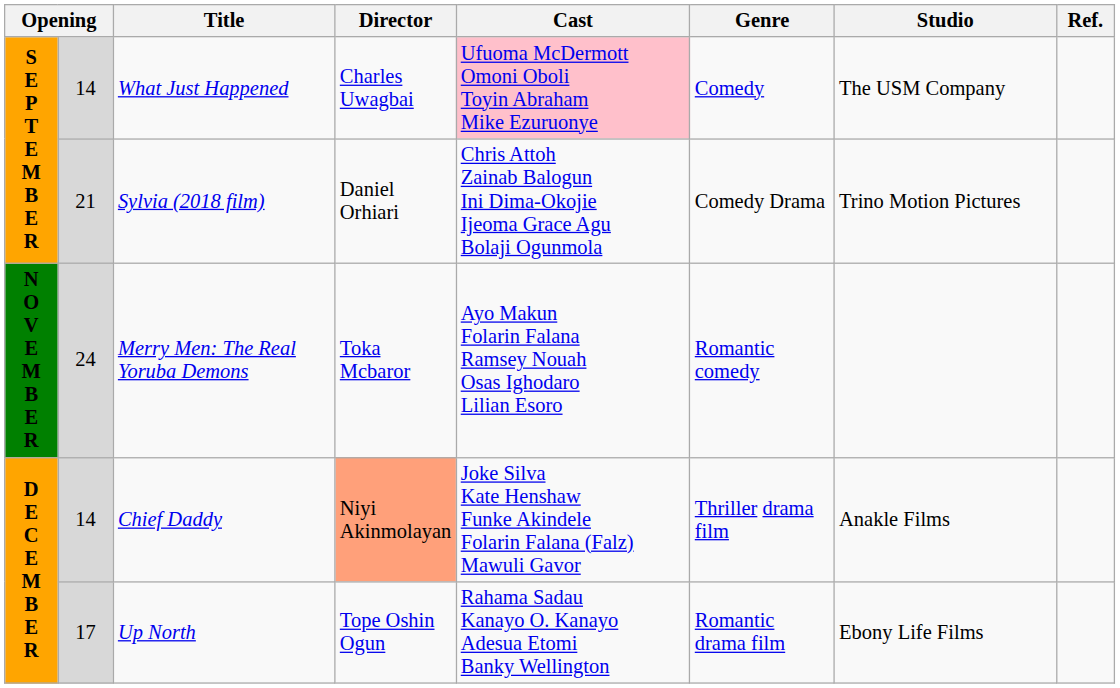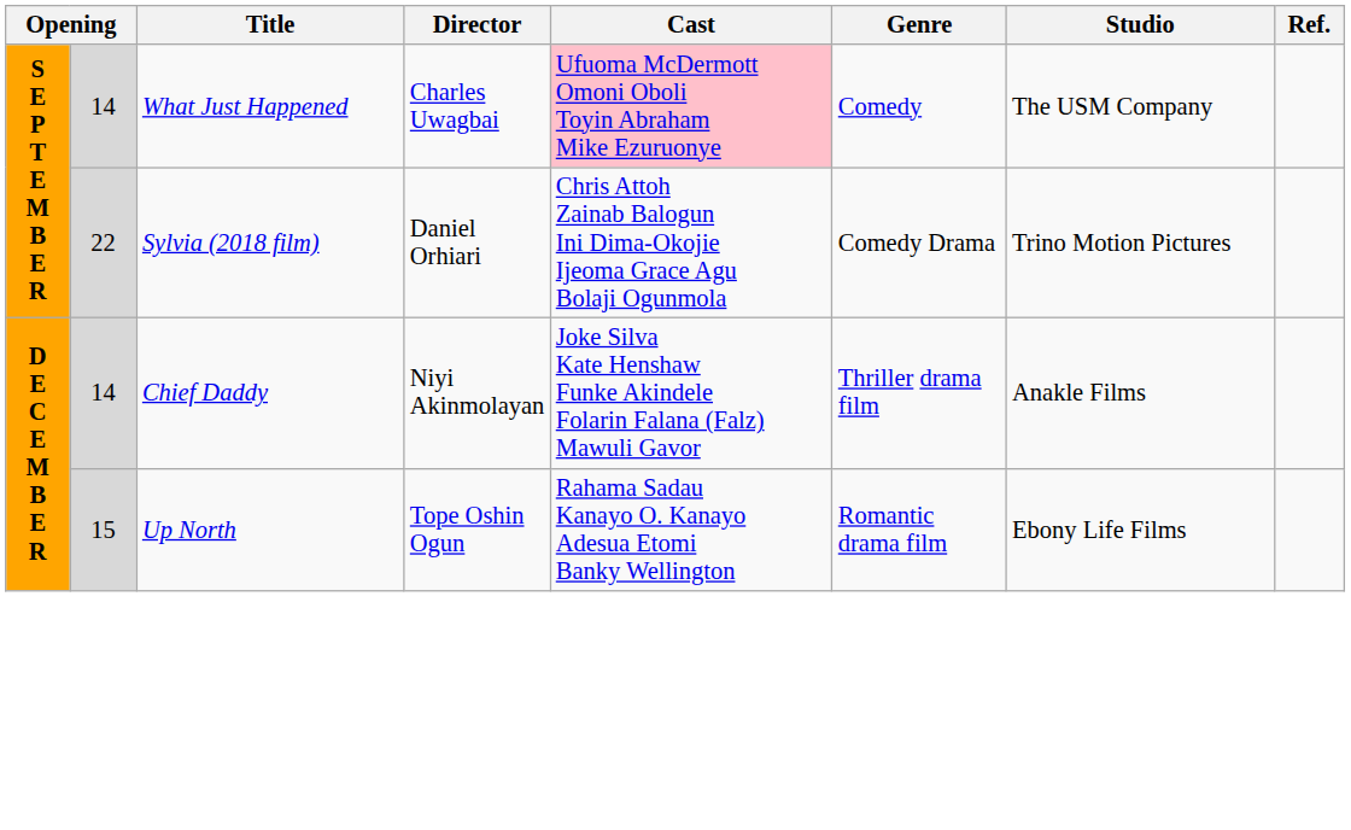 <table class="wikitable">
 <tr>
 <th colspan="2">Opening</th>
 <th style="width:20%;">Title</th>
 <th style="width:10%;">Director</th>
 <th>Cast</th>
 <th style="width:13%">Genre</th>
 <th style="width:20%">Studio</th>
 <th>Ref.</th>
 </tr>
 <tr>
 <td rowspan=2 style="text-align:center; background:orange; textcolor:#000;"><strong>S<br>E<br>P<br>T<br>E<br>M<br>B<br>E<br>R<br></strong></td>
 <td rowspan=1 style="text-align:center; background:#d8d8d8; textcolor:#000;">14</td>
 <td><em><a href='#'>What Just Happened</a></em></td>
 <td><a href='#'>Charles Uwagbai</a></td>
 <td style="background: pink;"><a href='#'>Ufuoma McDermott</a><br><a href='#'>Omoni Oboli</a><br><a href='#'>Toyin Abraham</a><br><a href='#'>Mike Ezuruonye</a></td>
 <td><a href='#'>Comedy</a></td>
 <td>The USM Company</td>
 <td></td>
 </tr>
 <tr>
-<td rowspan="1" style="text-align:center; background:#d8d8d8; textcolor:#000;">21</td>
+<td rowspan="1" style="text-align:center; background:#d8d8d8; textcolor:#000;">22</td>
 <td><em><a href='#'>Sylvia (2018 film)</a></em></td>
 <td>Daniel Orhiari</td>
 <td><a href='#'>Chris Attoh</a><br><a href='#'>Zainab Balogun</a> <br> <a href='#'>Ini Dima-Okojie</a><br> <a href='#'>Ijeoma Grace Agu</a> <br><a href='#'>Bolaji Ogunmola</a></td>
 <td>Comedy Drama</td>
 <td>Trino Motion Pictures</td>
 <td></td>
 </tr>
 <tr>
-<td rowspan=1 style="text-align:center; background:green; textcolor:#000;"><strong>N<br>O<br>V<br>E<br>M<br>B<br>E<br>R<br></strong></td>
-<td rowspan=1 style="text-align:center; background:#d8d8d8; textcolor:#000;">24</td>
-<td><em><a href='#'>Merry Men: The Real Yoruba Demons</a></em></td>
-<td><a href='#'>Toka Mcbaror</a></td>
-<td><a href='#'>Ayo Makun</a><br><a href='#'>Folarin Falana</a><br><a href='#'>Ramsey Nouah</a><br><a href='#'>Osas Ighodaro</a><br><a href='#'>Lilian Esoro</a></td>
-<td><a href='#'>Romantic comedy</a></td>
-<td></td>
-<td></td>
-</tr>
-<tr>
 <td rowspan=2 style="text-align:center; background:orange; textcolor:#000;"><strong>D<br>E<br>C<br>E<br>M<br>B<br>E<br>R<br></strong></td>
 <td rowspan=1 style="text-align:center; background:#d8d8d8; textcolor:#000;">14</td>
 <td><em><a href='#'>Chief Daddy</a></em></td>
-<td style="background: lightsalmon;">Niyi Akinmolayan</td>
+<td>Niyi Akinmolayan</td>
 <td><a href='#'>Joke Silva</a><br><a href='#'>Kate Henshaw</a><br><a href='#'>Funke Akindele</a><br><a href='#'>Folarin Falana (Falz)</a><br><a href='#'>Mawuli Gavor</a></td>
 <td><a href='#'>Thriller</a> <a href='#'>drama film</a></td>
 <td>Anakle Films</td>
 <td></td>
 </tr>
 <tr>
-<td rowspan="1" style="text-align:center; background:#d8d8d8; textcolor:#000;">17</td>
+<td rowspan="1" style="text-align:center; background:#d8d8d8; textcolor:#000;">15</td>
 <td><em><a href='#'>Up North</a></em></td>
 <td><a href='#'>Tope Oshin Ogun</a></td>
 <td><a href='#'>Rahama Sadau</a><br> <a href='#'>Kanayo O. Kanayo</a><br> <a href='#'>Adesua Etomi</a> <br><a href='#'>Banky Wellington</a></td>
 <td><a href='#'>Romantic</a> <a href='#'>drama film</a></td>
 <td>Ebony Life Films</td>
 <td></td>
 </tr>
 </table>
